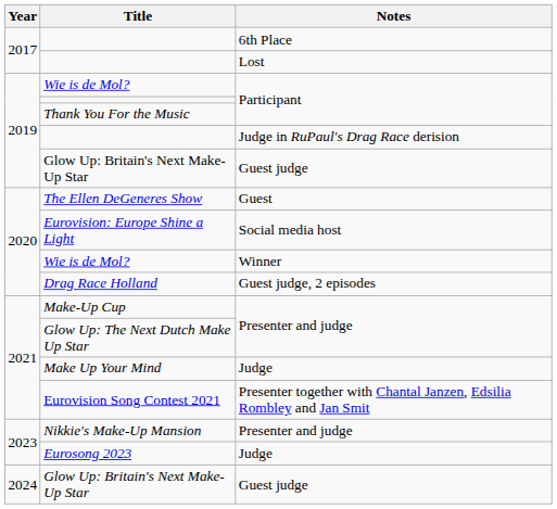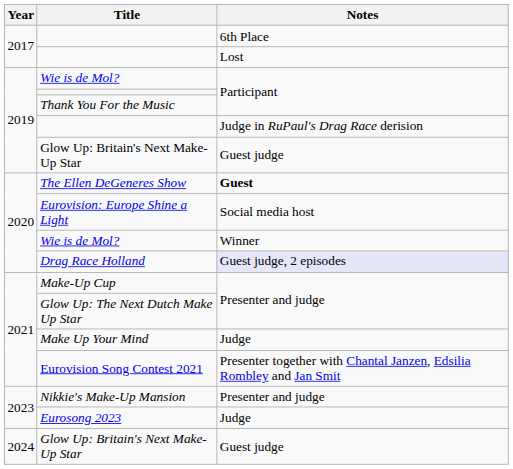 <table class="wikitable sortable">
 <tr>
 <th>Year</th>
 <th>Title</th>
 <th class="unsortable">Notes</th>
 </tr>
 <tr>
 <td rowspan="2">2017</td>
 <td><em></em></td>
 <td>6th Place</td>
 </tr>
 <tr>
 <td><em></em></td>
 <td>Lost</td>
 </tr>
 <tr>
 <td rowspan="5">2019</td>
 <td><em><a href='#'>Wie is de Mol?</a></em></td>
 <td rowspan="3">Participant</td>
 </tr>
 <tr>
 <td><em></em></td>
 </tr>
 <tr>
 <td><em>Thank You For the Music</em></td>
 </tr>
 <tr>
 <td><em></em></td>
 <td>Judge in <em>RuPaul's Drag Race</em> derision</td>
 </tr>
 <tr>
 <td>Glow Up: Britain's Next Make-Up Star</td>
 <td>Guest judge</td>
 </tr>
 <tr>
 <td rowspan="4">2020</td>
 <td><em><a href='#'>The Ellen DeGeneres Show</a></em></td>
-<td>Guest</td>
+<td><strong>Guest</strong></td>
 </tr>
 <tr>
 <td><em><a href='#'>Eurovision: Europe Shine a Light</a></em></td>
 <td>Social media host</td>
 </tr>
 <tr>
 <td><em><a href='#'>Wie is de Mol?</a></em></td>
 <td>Winner</td>
 </tr>
 <tr>
 <td><em><a href='#'>Drag Race Holland</a></em></td>
-<td>Guest judge, 2 episodes</td>
+<td style="background: lavender;">Guest judge, 2 episodes</td>
 </tr>
 <tr>
 <td rowspan="4">2021</td>
 <td><em>Make-Up Cup</em></td>
 <td rowspan="2">Presenter and judge</td>
 </tr>
 <tr>
 <td><em>Glow Up: The Next Dutch Make Up Star</em></td>
 </tr>
 <tr>
 <td><em>Make Up Your Mind</em></td>
 <td>Judge</td>
 </tr>
 <tr>
 <td><a href='#'>Eurovision Song Contest 2021</a></td>
 <td>Presenter together with <a href='#'>Chantal Janzen</a>, <a href='#'>Edsilia Rombley</a> and <a href='#'>Jan Smit</a></td>
 </tr>
 <tr>
 <td rowspan="2">2023</td>
 <td><em>Nikkie's Make-Up Mansion</em></td>
 <td>Presenter and judge</td>
 </tr>
 <tr>
 <td><a href='#'><em>Eurosong 2023</em></a></td>
 <td>Judge</td>
 </tr>
 <tr>
 <td>2024</td>
 <td><em>Glow Up: Britain's Next Make-Up Star</em></td>
 <td>Guest judge</td>
 </tr>
 </table>
